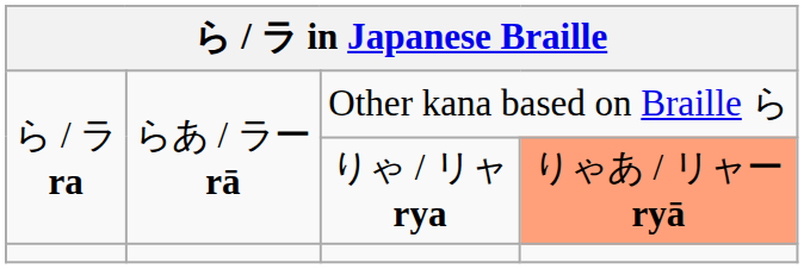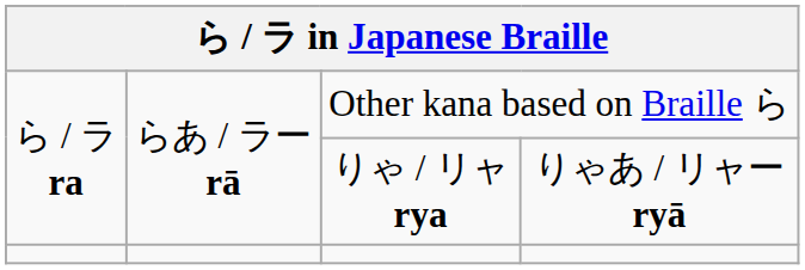 <table class="wikitable nowrap" style="text-align:center">
 <tr>
 <th colspan=4>ら / ラ in <a href='#'>Japanese Braille</a></th>
 </tr>
 <tr>
 <td rowspan=2>ら / ラ <br><strong>ra</strong></td>
 <td rowspan=2>らあ / ラー <br><strong>rā</strong></td>
 <td colspan=2>Other kana based on <a href='#'>Braille</a> ら</td>
 </tr>
 <tr>
 <td>りゃ / リャ <br><strong>rya</strong></td>
-<td style="background: lightsalmon;">りゃあ / リャー <br><strong>ryā</strong></td>
+<td>りゃあ / リャー <br><strong>ryā</strong></td>
 </tr>
 <tr>
 <td></td>
 <td></td>
 <td></td>
 <td></td>
 </tr>
 </table>
